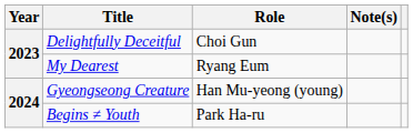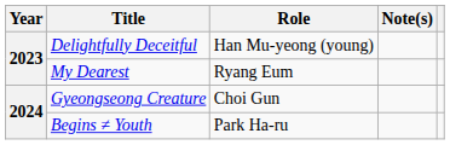 <table class="wikitable plainrowheaders sortable">
 <tr>
 <th scope="col">Year</th>
 <th scope="col">Title</th>
 <th scope="col">Role</th>
 <th scope="col" class="unsortable">Note(s)</th>
 <th scope="col" class="unsortable"></th>
 </tr>
 <tr>
 <th scope="row" rowspan="2">2023</th>
 <td><em><a href='#'>Delightfully Deceitful</a></em></td>
-<td>Choi Gun</td>
+<td>Han Mu-yeong (young)</td>
 <td></td>
 <td style="text-align:center"></td>
 </tr>
 <tr>
 <td><em><a href='#'>My Dearest</a></em></td>
 <td>Ryang Eum</td>
 <td></td>
 <td style="text-align:center"></td>
 </tr>
 <tr>
 <th scope="row" rowspan="2">2024</th>
 <td><em><a href='#'>Gyeongseong Creature</a></em></td>
-<td>Han Mu-yeong (young)</td>
+<td>Choi Gun</td>
 <td></td>
 <td style="text-align:center"></td>
 </tr>
 <tr>
 <td><em><a href='#'>Begins ≠ Youth</a></em></td>
 <td>Park Ha-ru</td>
 <td></td>
 <td style="text-align:center"></td>
 </tr>
 </table>
